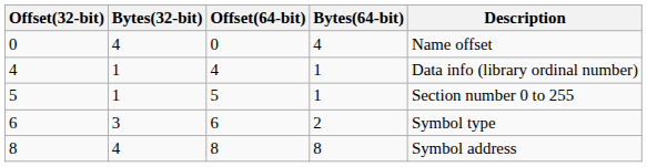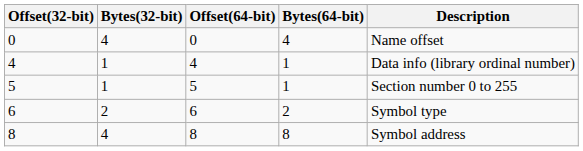 <table class="wikitable">
 <tr>
 <th>Offset(32-bit)</th>
 <th>Bytes(32-bit)</th>
 <th>Offset(64-bit)</th>
 <th>Bytes(64-bit)</th>
 <th>Description</th>
 </tr>
 <tr>
 <td>0</td>
 <td>4</td>
 <td>0</td>
 <td>4</td>
 <td>Name offset</td>
 </tr>
 <tr>
 <td>4</td>
 <td>1</td>
 <td>4</td>
 <td>1</td>
 <td>Data info (library ordinal number)</td>
 </tr>
 <tr>
 <td>5</td>
 <td>1</td>
 <td>5</td>
 <td>1</td>
 <td>Section number 0 to 255</td>
 </tr>
 <tr>
 <td>6</td>
-<td>3</td>
+<td>2</td>
 <td>6</td>
 <td>2</td>
 <td>Symbol type</td>
 </tr>
 <tr>
 <td>8</td>
 <td>4</td>
 <td>8</td>
 <td>8</td>
 <td>Symbol address</td>
 </tr>
 </table>
